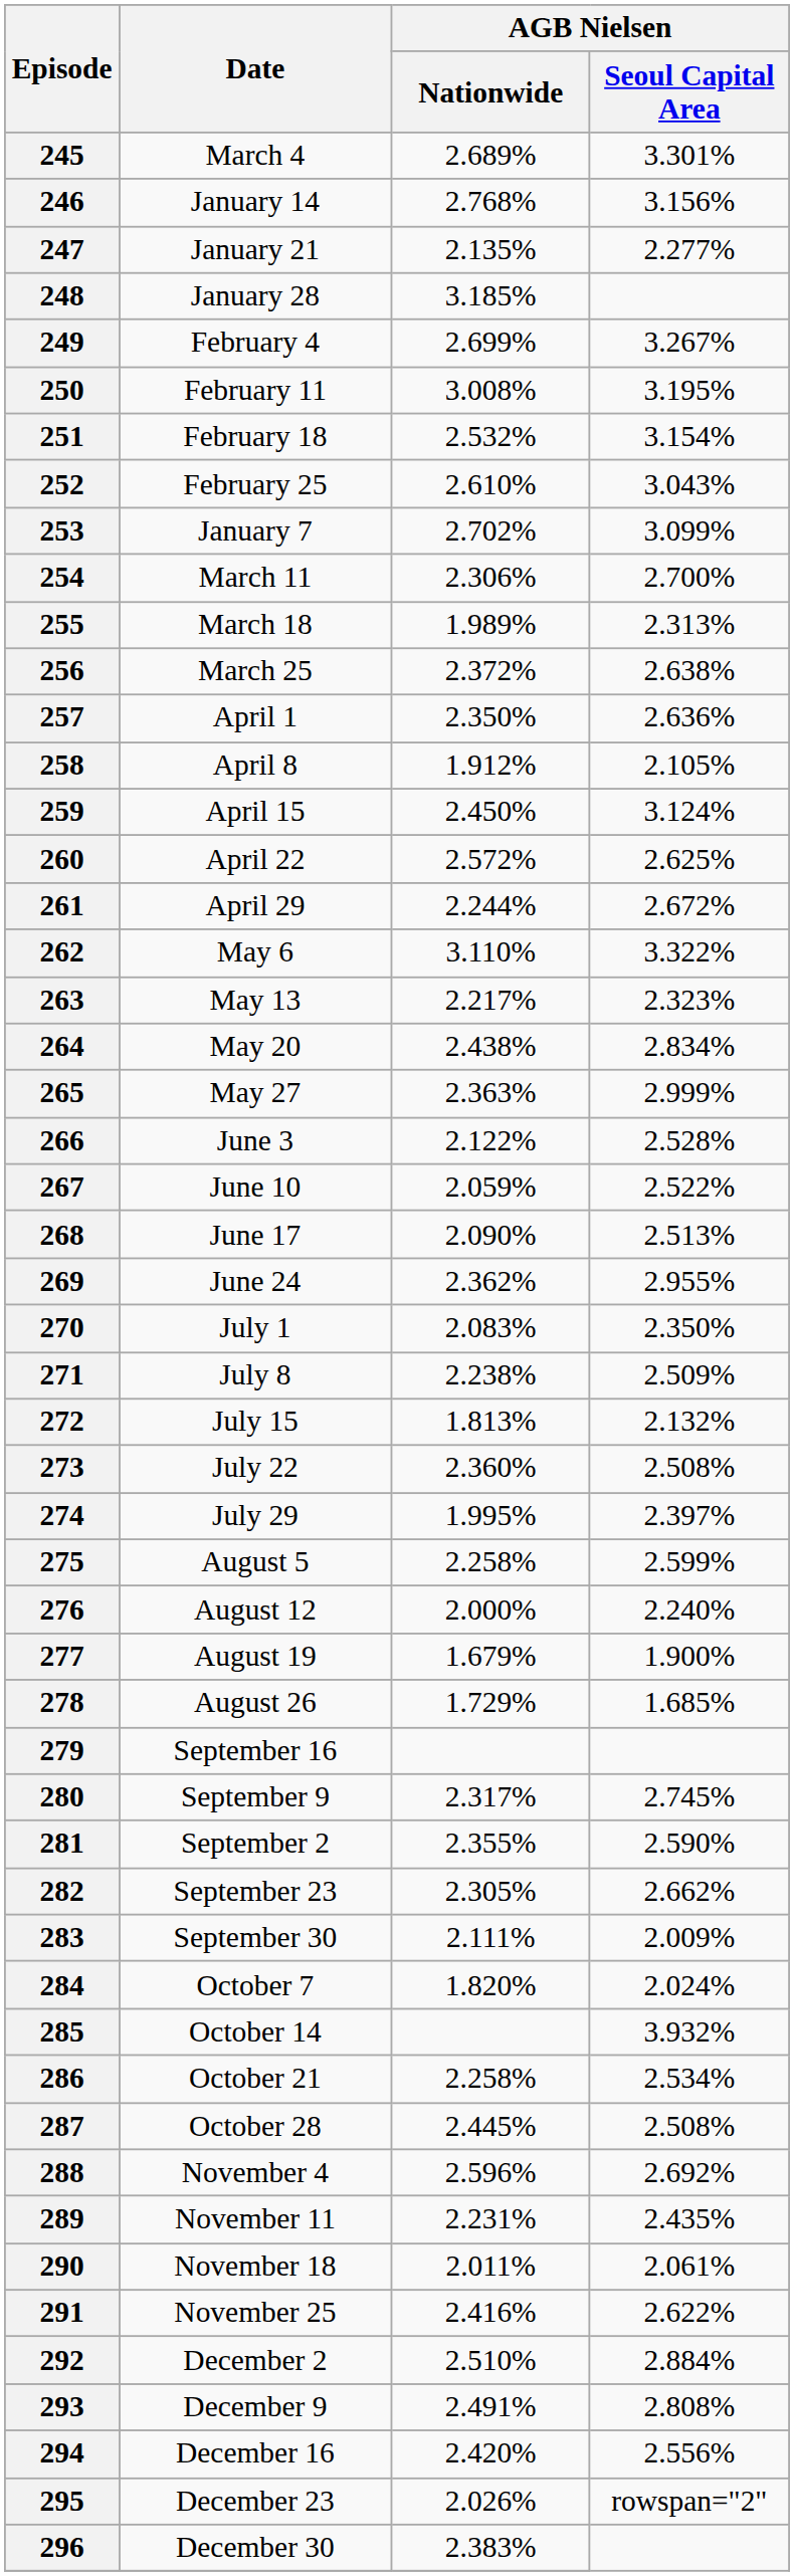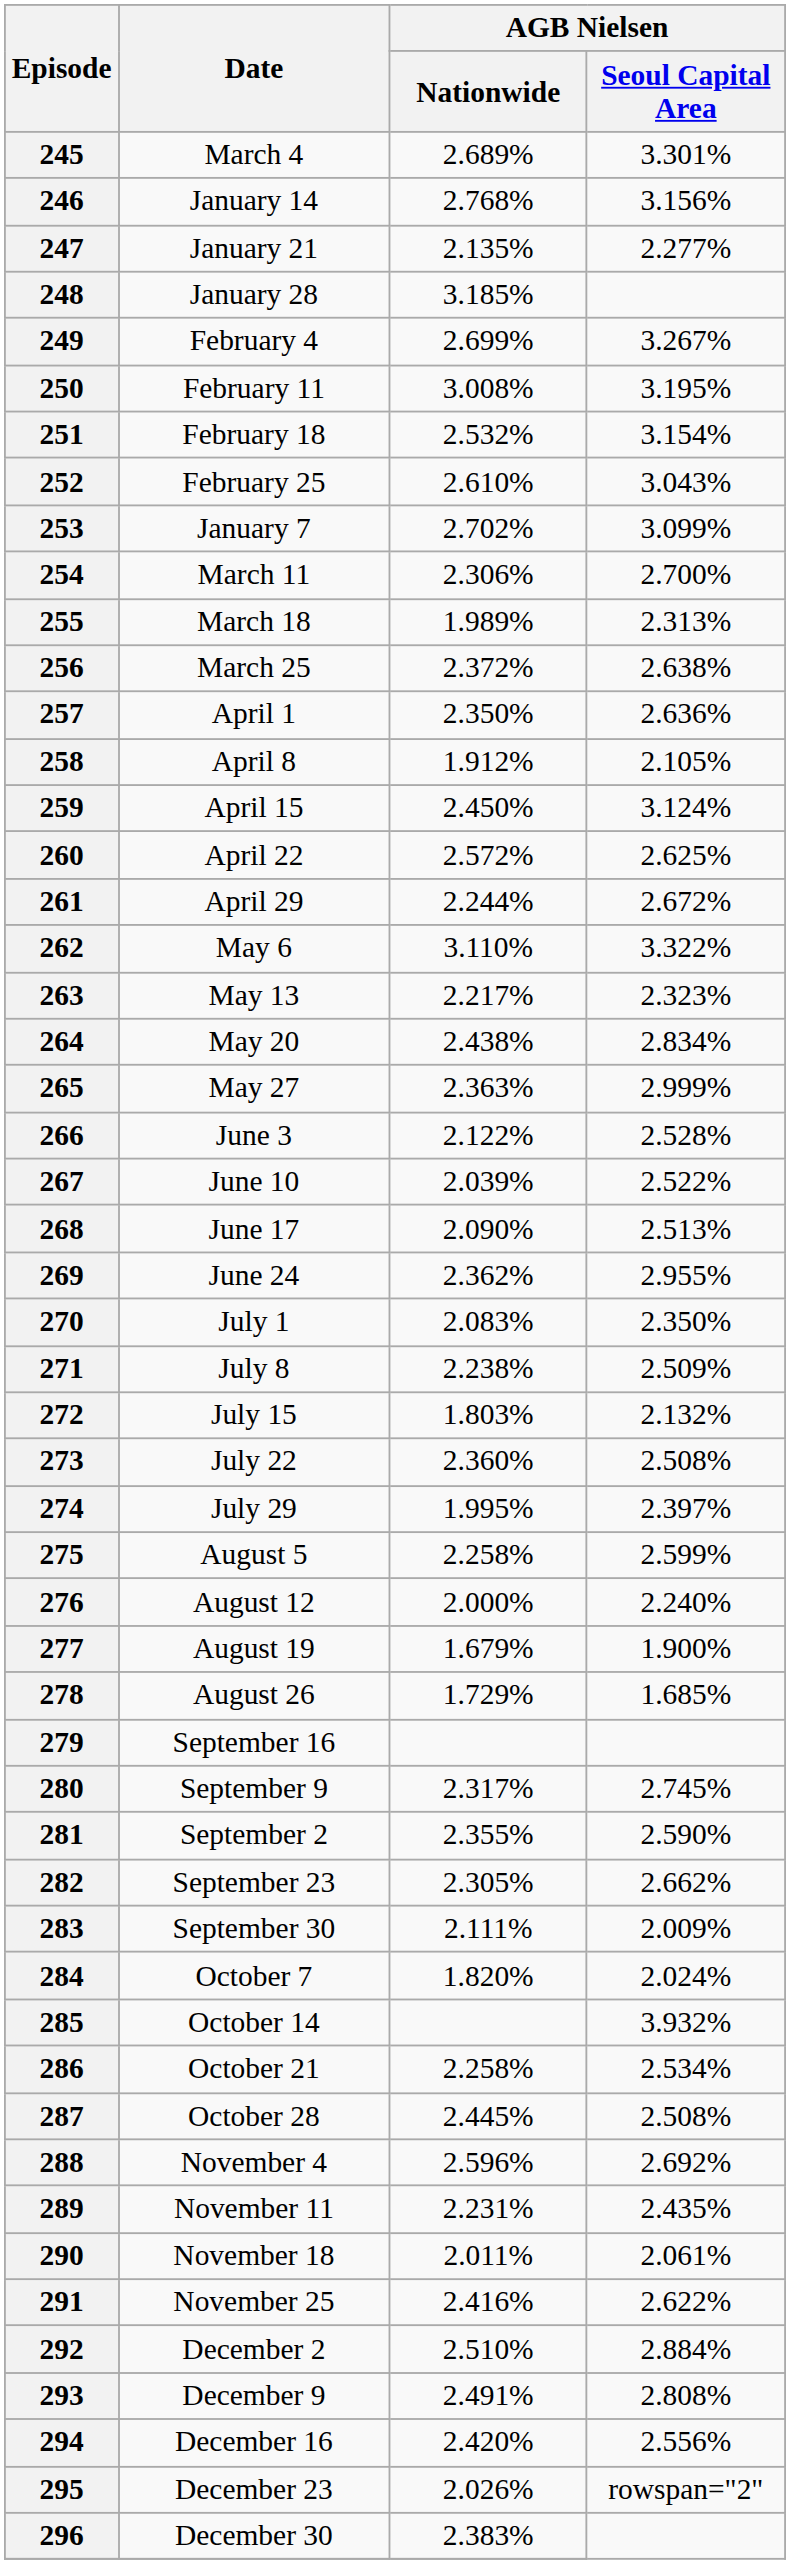 <table Class="wikitable sortable" style="text-align:center">
 <tr>
 <th rowspan=2>Episode</th>
 <th rowspan=2 style="width:140px;">Date</th>
 <th colspan=2 style="width:110px;">AGB Nielsen<br></th>
 </tr>
 <tr>
 <th width=100>Nationwide</th>
 <th width=100><a href='#'>Seoul Capital Area</a></th>
 </tr>
 <tr>
 <th>245</th>
 <td>March 4</td>
 <td>2.689%</td>
 <td>3.301%</td>
 </tr>
 <tr>
 <th>246</th>
 <td>January 14</td>
 <td>2.768%</td>
 <td>3.156%</td>
 </tr>
 <tr>
 <th>247</th>
 <td>January 21</td>
 <td>2.135%</td>
 <td>2.277%</td>
 </tr>
 <tr>
 <th>248</th>
 <td>January 28</td>
 <td>3.185%</td>
 <td></td>
 </tr>
 <tr>
 <th>249</th>
 <td>February 4</td>
 <td>2.699%</td>
 <td>3.267%</td>
 </tr>
 <tr>
 <th>250</th>
 <td>February 11</td>
 <td>3.008%</td>
 <td>3.195%</td>
 </tr>
 <tr>
 <th>251</th>
 <td>February 18</td>
 <td>2.532%</td>
 <td>3.154%</td>
 </tr>
 <tr>
 <th>252</th>
 <td>February 25</td>
 <td>2.610%</td>
 <td>3.043%</td>
 </tr>
 <tr>
 <th>253</th>
 <td>January 7</td>
 <td>2.702%</td>
 <td>3.099%</td>
 </tr>
 <tr>
 <th>254</th>
 <td>March 11</td>
 <td>2.306%</td>
 <td>2.700%</td>
 </tr>
 <tr>
 <th>255</th>
 <td>March 18</td>
 <td>1.989%</td>
 <td>2.313%</td>
 </tr>
 <tr>
 <th>256</th>
 <td>March 25</td>
 <td>2.372%</td>
 <td>2.638%</td>
 </tr>
 <tr>
 <th>257</th>
 <td>April 1</td>
 <td>2.350%</td>
 <td>2.636%</td>
 </tr>
 <tr>
 <th>258</th>
 <td>April 8</td>
 <td>1.912%</td>
 <td>2.105%</td>
 </tr>
 <tr>
 <th>259</th>
 <td>April 15</td>
 <td>2.450%</td>
 <td>3.124%</td>
 </tr>
 <tr>
 <th>260</th>
 <td>April 22</td>
 <td>2.572%</td>
 <td>2.625%</td>
 </tr>
 <tr>
 <th>261</th>
 <td>April 29</td>
 <td>2.244%</td>
 <td>2.672%</td>
 </tr>
 <tr>
 <th>262</th>
 <td>May 6</td>
 <td>3.110%</td>
 <td>3.322%</td>
 </tr>
 <tr>
 <th>263</th>
 <td>May 13</td>
 <td>2.217%</td>
 <td>2.323%</td>
 </tr>
 <tr>
 <th>264</th>
 <td>May 20</td>
 <td>2.438%</td>
 <td>2.834%</td>
 </tr>
 <tr>
 <th>265</th>
 <td>May 27</td>
 <td>2.363%</td>
 <td>2.999%</td>
 </tr>
 <tr>
 <th>266</th>
 <td>June 3</td>
 <td>2.122%</td>
 <td>2.528%</td>
 </tr>
 <tr>
 <th>267</th>
 <td>June 10</td>
-<td>2.059%</td>
+<td>2.039%</td>
 <td>2.522%</td>
 </tr>
 <tr>
 <th>268</th>
 <td>June 17</td>
 <td>2.090%</td>
 <td>2.513%</td>
 </tr>
 <tr>
 <th>269</th>
 <td>June 24</td>
 <td>2.362%</td>
 <td>2.955%</td>
 </tr>
 <tr>
 <th>270</th>
 <td>July 1</td>
 <td>2.083%</td>
 <td>2.350%</td>
 </tr>
 <tr>
 <th>271</th>
 <td>July 8</td>
 <td>2.238%</td>
 <td>2.509%</td>
 </tr>
 <tr>
 <th>272</th>
 <td>July 15</td>
-<td>1.813%</td>
+<td>1.803%</td>
 <td>2.132%</td>
 </tr>
 <tr>
 <th>273</th>
 <td>July 22</td>
 <td>2.360%</td>
 <td>2.508%</td>
 </tr>
 <tr>
 <th>274</th>
 <td>July 29</td>
 <td>1.995%</td>
 <td>2.397%</td>
 </tr>
 <tr>
 <th>275</th>
 <td>August 5</td>
 <td>2.258%</td>
 <td>2.599%</td>
 </tr>
 <tr>
 <th>276</th>
 <td>August 12</td>
 <td>2.000%</td>
 <td>2.240%</td>
 </tr>
 <tr>
 <th>277</th>
 <td>August 19</td>
 <td>1.679%</td>
 <td>1.900%</td>
 </tr>
 <tr>
 <th>278</th>
 <td>August 26</td>
 <td>1.729%</td>
 <td>1.685%</td>
 </tr>
 <tr>
 <th>279</th>
 <td>September 16</td>
 <td></td>
 <td></td>
 </tr>
 <tr>
 <th>280</th>
 <td>September 9</td>
 <td>2.317%</td>
 <td>2.745%</td>
 </tr>
 <tr>
 <th>281</th>
 <td>September 2</td>
 <td>2.355%</td>
 <td>2.590%</td>
 </tr>
 <tr>
 <th>282</th>
 <td>September 23</td>
 <td>2.305%</td>
 <td>2.662%</td>
 </tr>
 <tr>
 <th>283</th>
 <td>September 30</td>
 <td>2.111%</td>
 <td>2.009%</td>
 </tr>
 <tr>
 <th>284</th>
 <td>October 7</td>
 <td>1.820%</td>
 <td>2.024%</td>
 </tr>
 <tr>
 <th>285</th>
 <td>October 14</td>
 <td></td>
 <td>3.932%</td>
 </tr>
 <tr>
 <th>286</th>
 <td>October 21</td>
 <td>2.258%</td>
 <td>2.534%</td>
 </tr>
 <tr>
 <th>287</th>
 <td>October 28</td>
 <td>2.445%</td>
 <td>2.508%</td>
 </tr>
 <tr>
 <th>288</th>
 <td>November 4</td>
 <td>2.596%</td>
 <td>2.692%</td>
 </tr>
 <tr>
 <th>289</th>
 <td>November 11</td>
 <td>2.231%</td>
 <td>2.435%</td>
 </tr>
 <tr>
 <th>290</th>
 <td>November 18</td>
 <td>2.011%</td>
 <td>2.061%</td>
 </tr>
 <tr>
 <th>291</th>
 <td>November 25</td>
 <td>2.416%</td>
 <td>2.622%</td>
 </tr>
 <tr>
 <th>292</th>
 <td>December 2</td>
 <td>2.510%</td>
 <td>2.884%</td>
 </tr>
 <tr>
 <th>293</th>
 <td>December 9</td>
 <td>2.491%</td>
 <td>2.808%</td>
 </tr>
 <tr>
 <th>294</th>
 <td>December 16</td>
 <td>2.420%</td>
 <td>2.556%</td>
 </tr>
 <tr>
 <th>295</th>
 <td>December 23</td>
 <td>2.026%</td>
 <td>rowspan="2" </td>
 </tr>
 <tr>
 <th>296</th>
 <td>December 30</td>
 <td>2.383%</td>
 </tr>
 <tr>
 </tr>
 </table>
